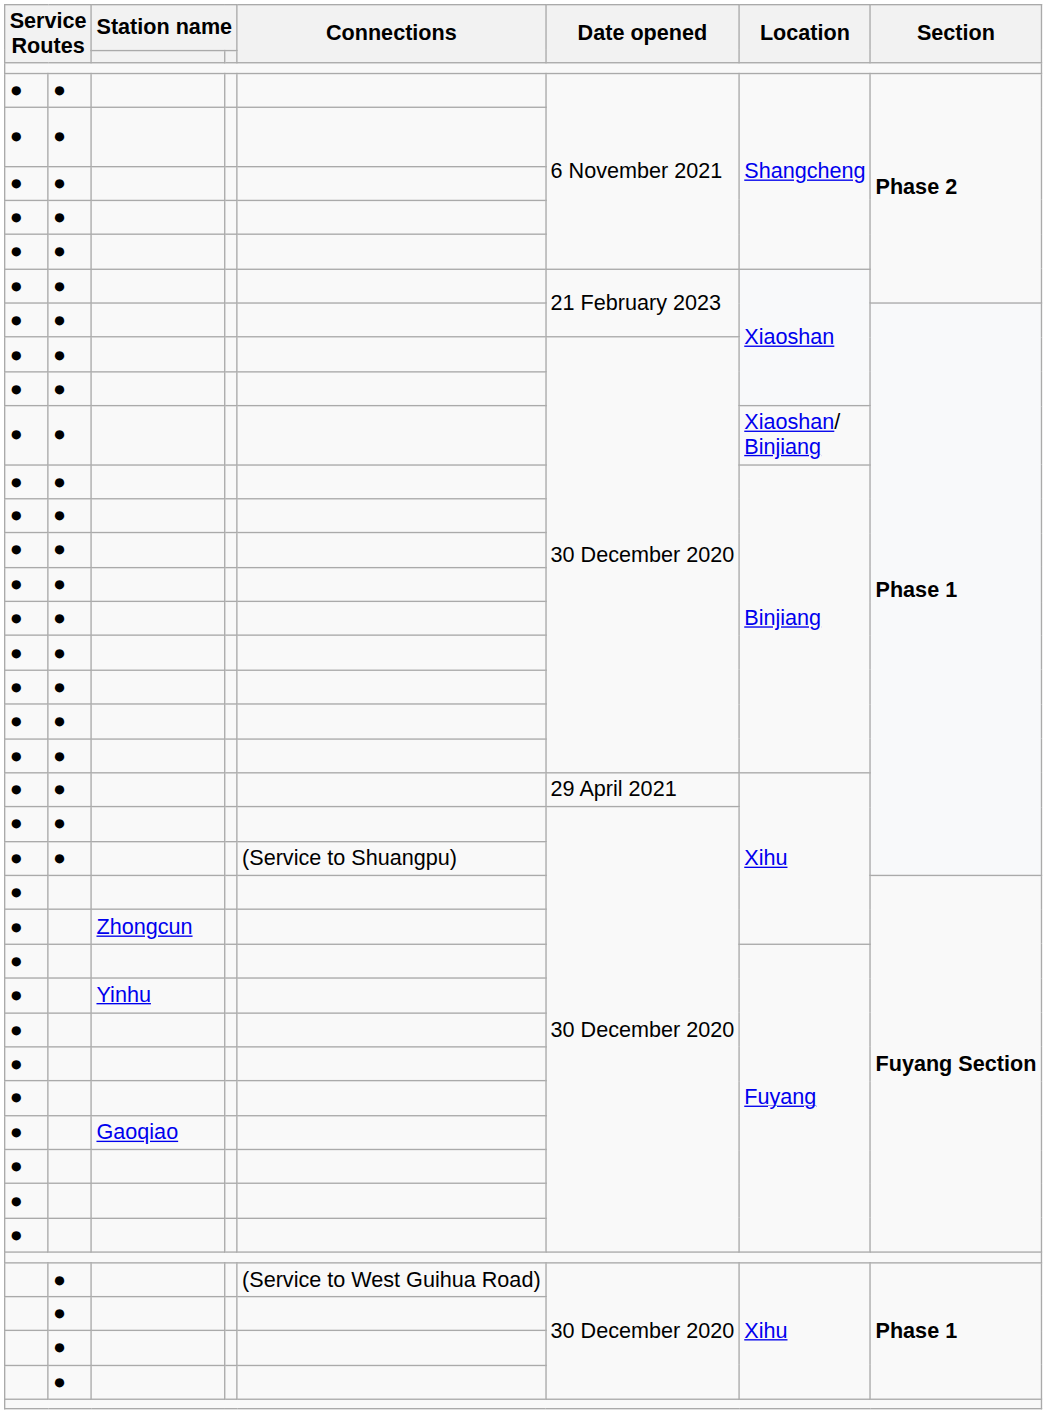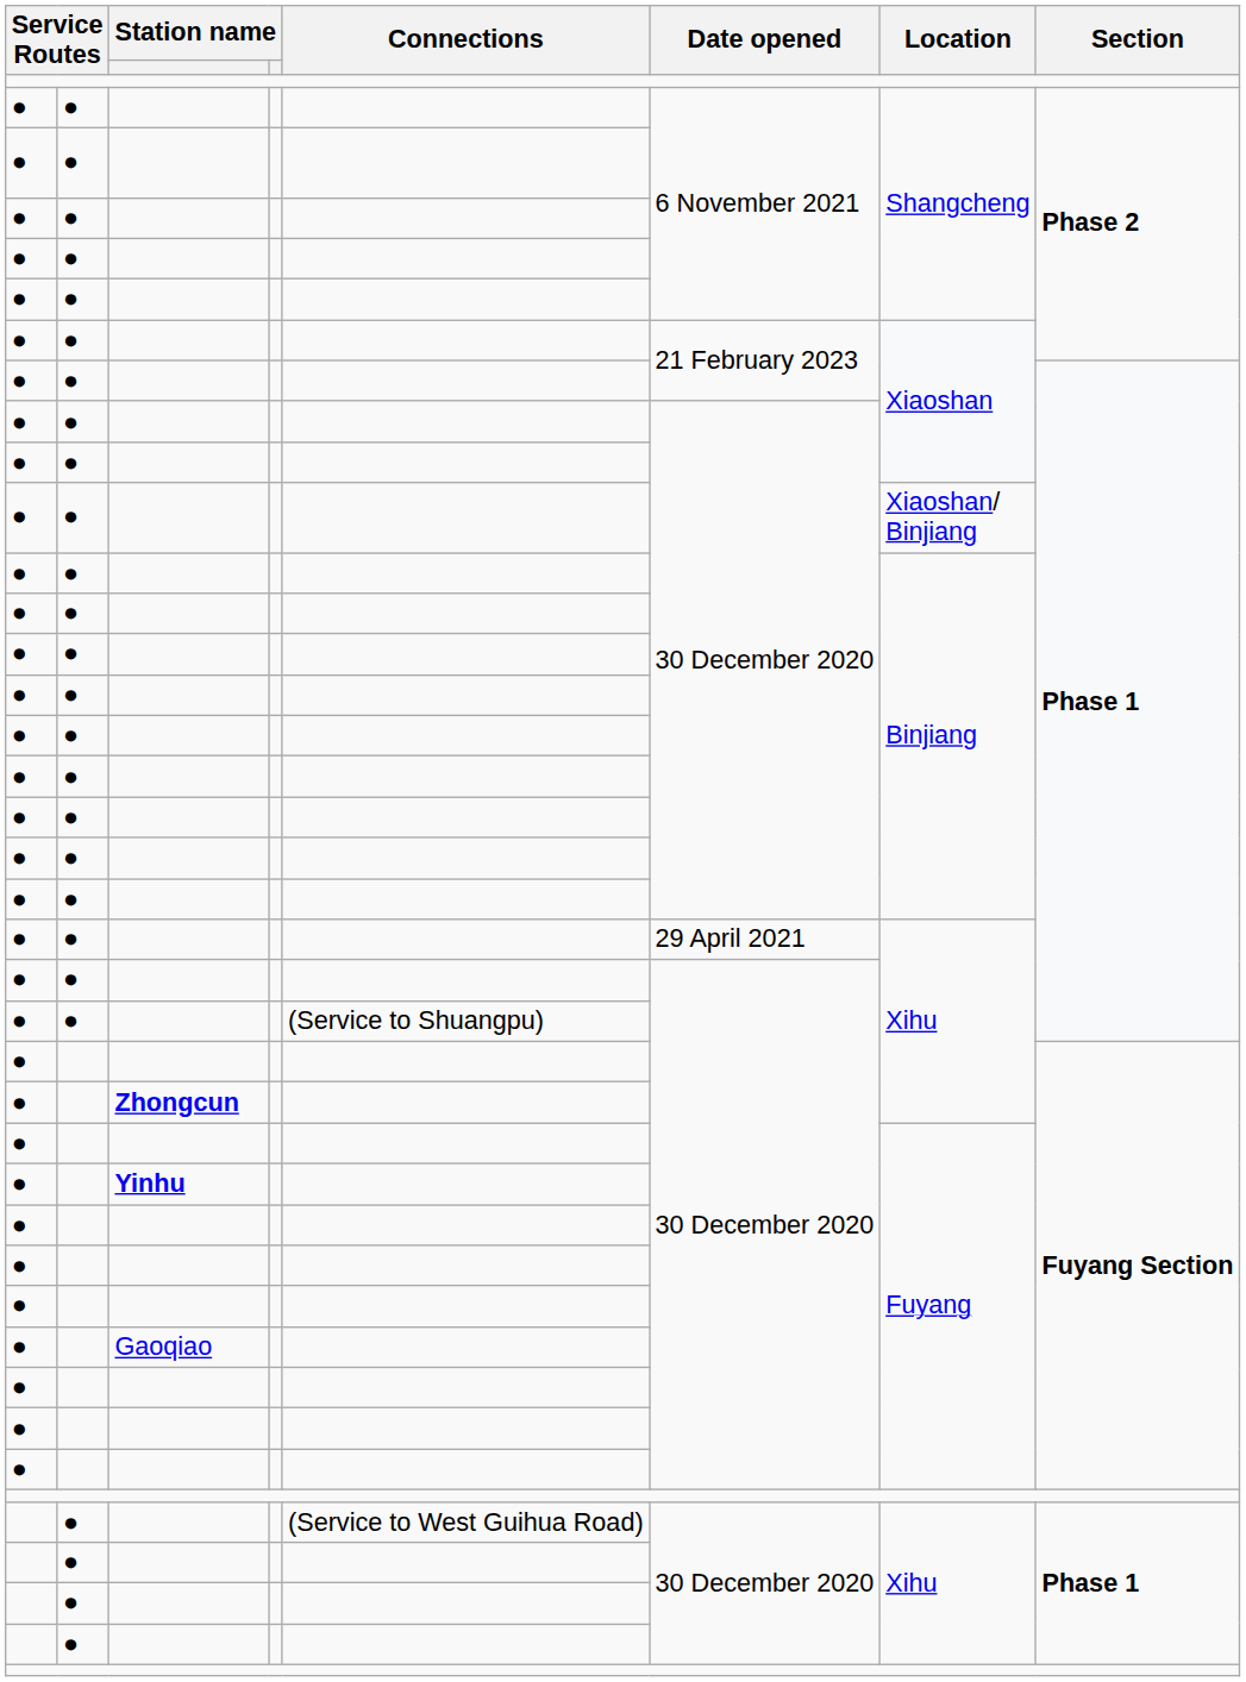 <table class="wikitable">
 <tr>
 <th colspan="2" rowspan="2">Service<br>Routes</th>
 <th colspan="2">Station name</th>
 <th rowspan="2">Connections</th>
 <th rowspan="2">Date opened</th>
 <th rowspan="2">Location</th>
 <th rowspan="2">Section</th>
 </tr>
 <tr>
 <th></th>
 <th></th>
 </tr>
 <tr style="background:#">
 <td colspan="8"></td>
 </tr>
 <tr>
 <td>●</td>
 <td>●</td>
 <td></td>
 <td></td>
 <td></td>
 <td rowspan="5">6 November 2021</td>
 <td rowspan="5"><a href='#'>Shangcheng</a></td>
 <td rowspan="6"><strong>Phase 2</strong></td>
 </tr>
 <tr>
 <td>●</td>
 <td>●</td>
 <td></td>
 <td></td>
 <td><br><br>  </td>
 </tr>
 <tr>
 <td>●</td>
 <td>●</td>
 <td></td>
 <td></td>
 <td></td>
 </tr>
 <tr>
 <td>●</td>
 <td>●</td>
 <td></td>
 <td></td>
 <td></td>
 </tr>
 <tr>
 <td>●</td>
 <td>●</td>
 <td></td>
 <td></td>
 <td></td>
 </tr>
 <tr>
 <td>●</td>
 <td>●</td>
 <td></td>
 <td></td>
 <td></td>
 <td rowspan="2">21 February 2023</td>
 <td style="background:#F8F9FA;" rowspan="4"><a href='#'>Xiaoshan</a></td>
 </tr>
 <tr>
 <td>●</td>
 <td>●</td>
 <td></td>
 <td></td>
 <td></td>
 <td style="background:#F8F9FA;" rowspan="16"><strong>Phase 1</strong></td>
 </tr>
 <tr>
 <td>●</td>
 <td>●</td>
 <td></td>
 <td></td>
 <td></td>
 <td rowspan="12">30 December 2020</td>
 </tr>
 <tr>
 <td>●</td>
 <td>●</td>
 <td></td>
 <td></td>
 <td></td>
 </tr>
 <tr>
 <td>●</td>
 <td>●</td>
 <td></td>
 <td></td>
 <td></td>
 <td><a href='#'>Xiaoshan</a>/<br><a href='#'>Binjiang</a></td>
 </tr>
 <tr>
 <td>●</td>
 <td>●</td>
 <td></td>
 <td></td>
 <td></td>
 <td rowspan="9"><a href='#'>Binjiang</a></td>
 </tr>
 <tr>
 <td>●</td>
 <td>●</td>
 <td></td>
 <td></td>
 <td></td>
 </tr>
 <tr>
 <td>●</td>
 <td>●</td>
 <td></td>
 <td></td>
 <td></td>
 </tr>
 <tr>
 <td>●</td>
 <td>●</td>
 <td></td>
 <td></td>
 <td></td>
 </tr>
 <tr>
 <td>●</td>
 <td>●</td>
 <td></td>
 <td></td>
 <td></td>
 </tr>
 <tr>
 <td>●</td>
 <td>●</td>
 <td></td>
 <td></td>
 <td></td>
 </tr>
 <tr>
 <td>●</td>
 <td>●</td>
 <td></td>
 <td></td>
 <td></td>
 </tr>
 <tr>
 <td>●</td>
 <td>●</td>
 <td></td>
 <td></td>
 <td></td>
 </tr>
 <tr>
 <td>●</td>
 <td>●</td>
 <td></td>
 <td></td>
 <td></td>
 </tr>
 <tr>
 <td>●</td>
 <td>●</td>
 <td></td>
 <td></td>
 <td></td>
 <td>29 April 2021</td>
 <td rowspan="5"><a href='#'>Xihu</a></td>
 </tr>
 <tr>
 <td>●</td>
 <td>●</td>
 <td></td>
 <td></td>
 <td></td>
 <td rowspan="13">30 December 2020</td>
 </tr>
 <tr>
 <td>●</td>
 <td>●</td>
 <td></td>
 <td></td>
 <td> (Service to Shuangpu)</td>
 </tr>
 <tr>
 <td>●</td>
 <td></td>
 <td></td>
 <td></td>
 <td></td>
 <td rowspan="11"><strong>Fuyang Section</strong></td>
 </tr>
 <tr>
 <td>●</td>
 <td></td>
-<td><a href='#'>Zhongcun</a></td>
+<td><strong><a href='#'>Zhongcun</a></strong></td>
 <td></td>
 <td></td>
 </tr>
 <tr>
 <td>●</td>
 <td></td>
 <td></td>
 <td></td>
 <td></td>
 <td rowspan="9"><a href='#'>Fuyang</a></td>
 </tr>
 <tr>
 <td>●</td>
 <td></td>
-<td><a href='#'>Yinhu</a></td>
+<td><strong><a href='#'>Yinhu</a></strong></td>
 <td></td>
 <td></td>
 </tr>
 <tr>
 <td>●</td>
 <td></td>
 <td></td>
 <td></td>
 <td></td>
 </tr>
 <tr>
 <td>●</td>
 <td></td>
 <td></td>
 <td></td>
 <td></td>
 </tr>
 <tr>
 <td>●</td>
 <td></td>
 <td></td>
 <td></td>
 <td></td>
 </tr>
 <tr>
 <td>●</td>
 <td></td>
 <td><a href='#'>Gaoqiao</a></td>
 <td></td>
 <td></td>
 </tr>
 <tr>
 <td>●</td>
 <td></td>
 <td></td>
 <td></td>
 <td></td>
 </tr>
 <tr>
 <td>●</td>
 <td></td>
 <td></td>
 <td></td>
 <td></td>
 </tr>
 <tr>
 <td>●</td>
 <td></td>
 <td></td>
 <td></td>
 <td></td>
 </tr>
 <tr style="background:#">
 <td colspan="8"></td>
 </tr>
 <tr>
 <td></td>
 <td>●</td>
 <td></td>
 <td></td>
 <td> (Service to West Guihua Road)</td>
 <td rowspan="4">30 December 2020</td>
 <td rowspan="4"><a href='#'>Xihu</a></td>
 <td rowspan="4"><strong>Phase 1</strong></td>
 </tr>
 <tr>
 <td></td>
 <td>●</td>
 <td></td>
 <td></td>
 <td></td>
 </tr>
 <tr>
 <td></td>
 <td>●</td>
 <td></td>
 <td></td>
 <td></td>
 </tr>
 <tr>
 <td></td>
 <td>●</td>
 <td></td>
 <td></td>
 <td></td>
 </tr>
 <tr style="background:#">
 <td colspan="8"></td>
 </tr>
 </table>
